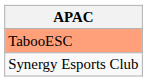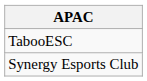 <table class="wikitable" style="display: inline-table; margin-left: 25px;">
 <tr>
 <th>APAC</th>
 </tr>
 <tr>
-<td style="background: lightsalmon;">TabooESC</td>
+<td>TabooESC</td>
 </tr>
 <tr>
 <td>Synergy Esports Club</td>
 </tr>
 </table>
